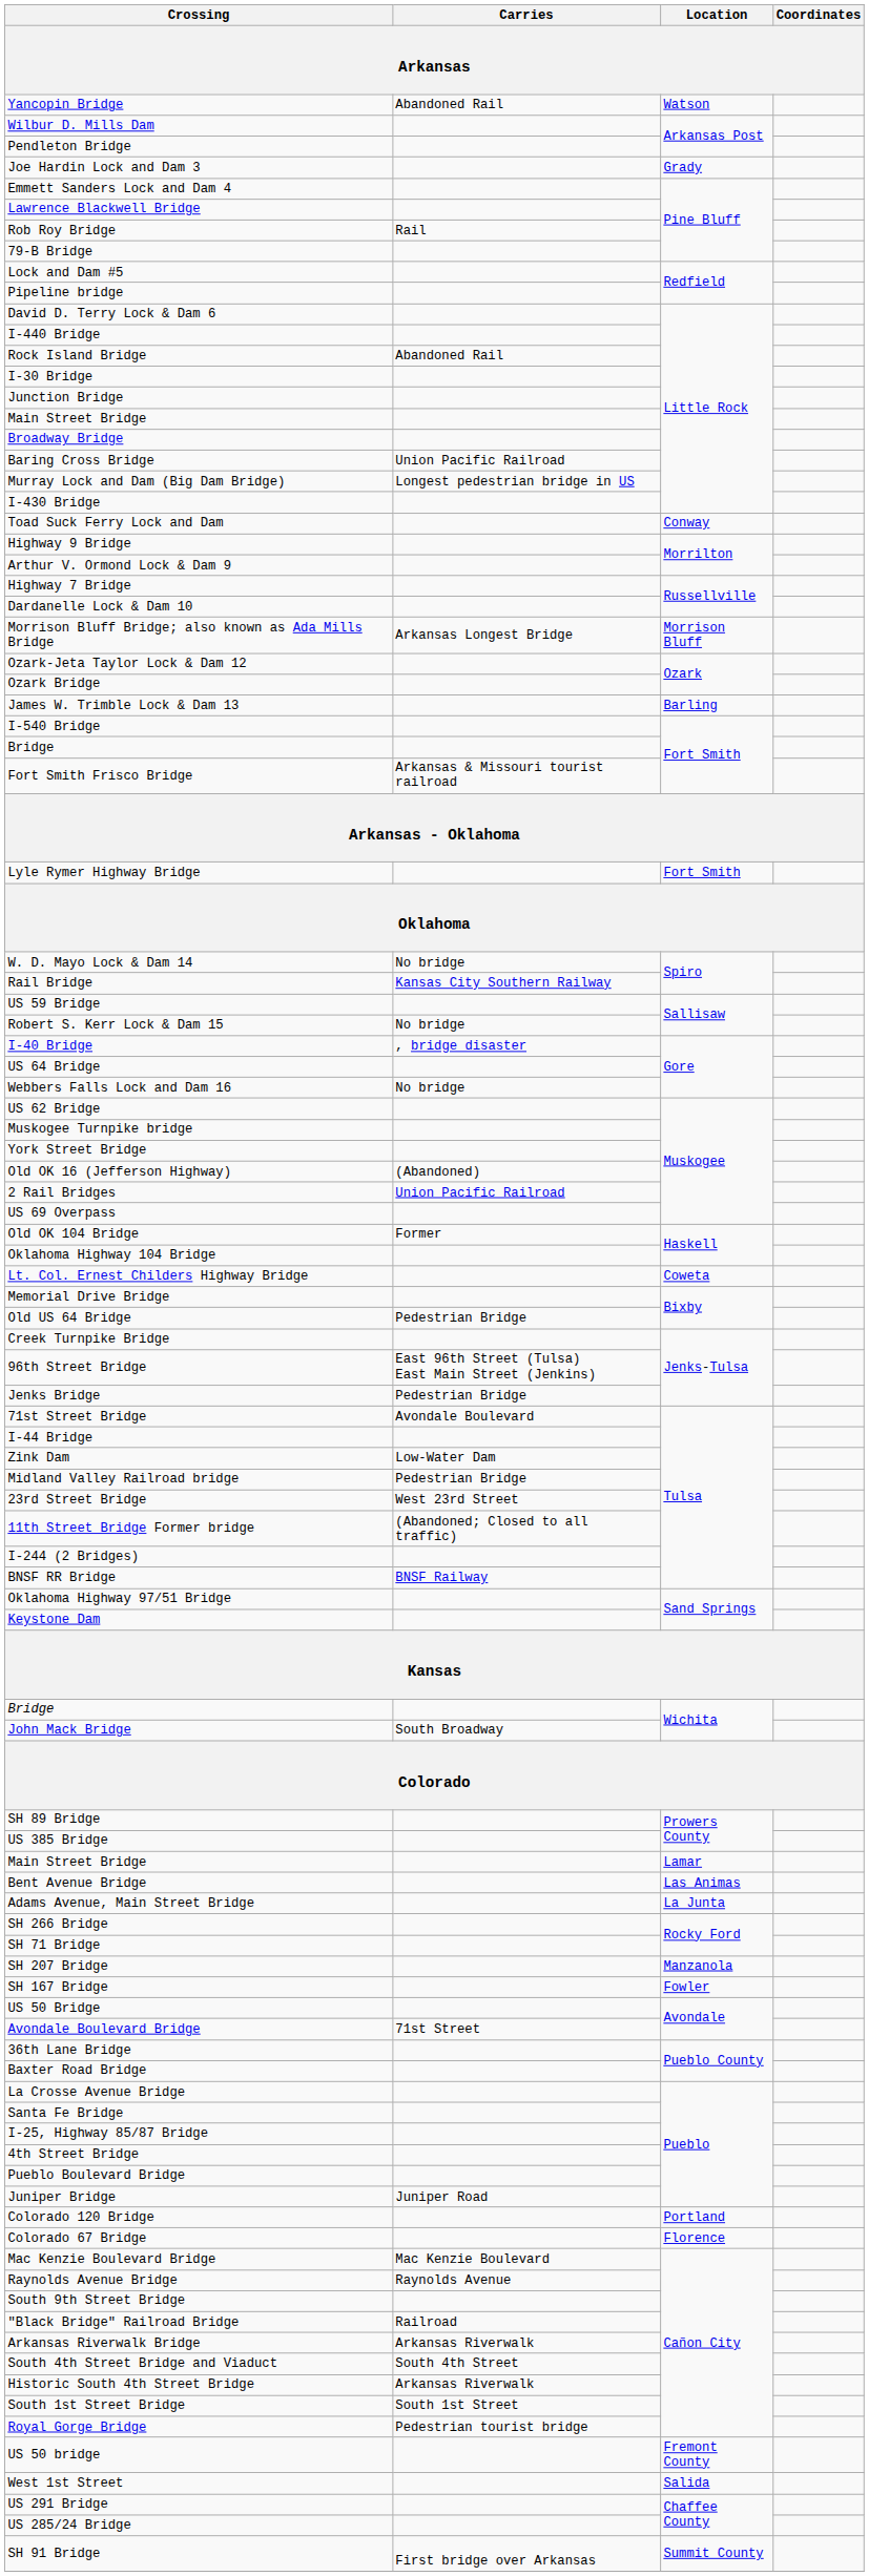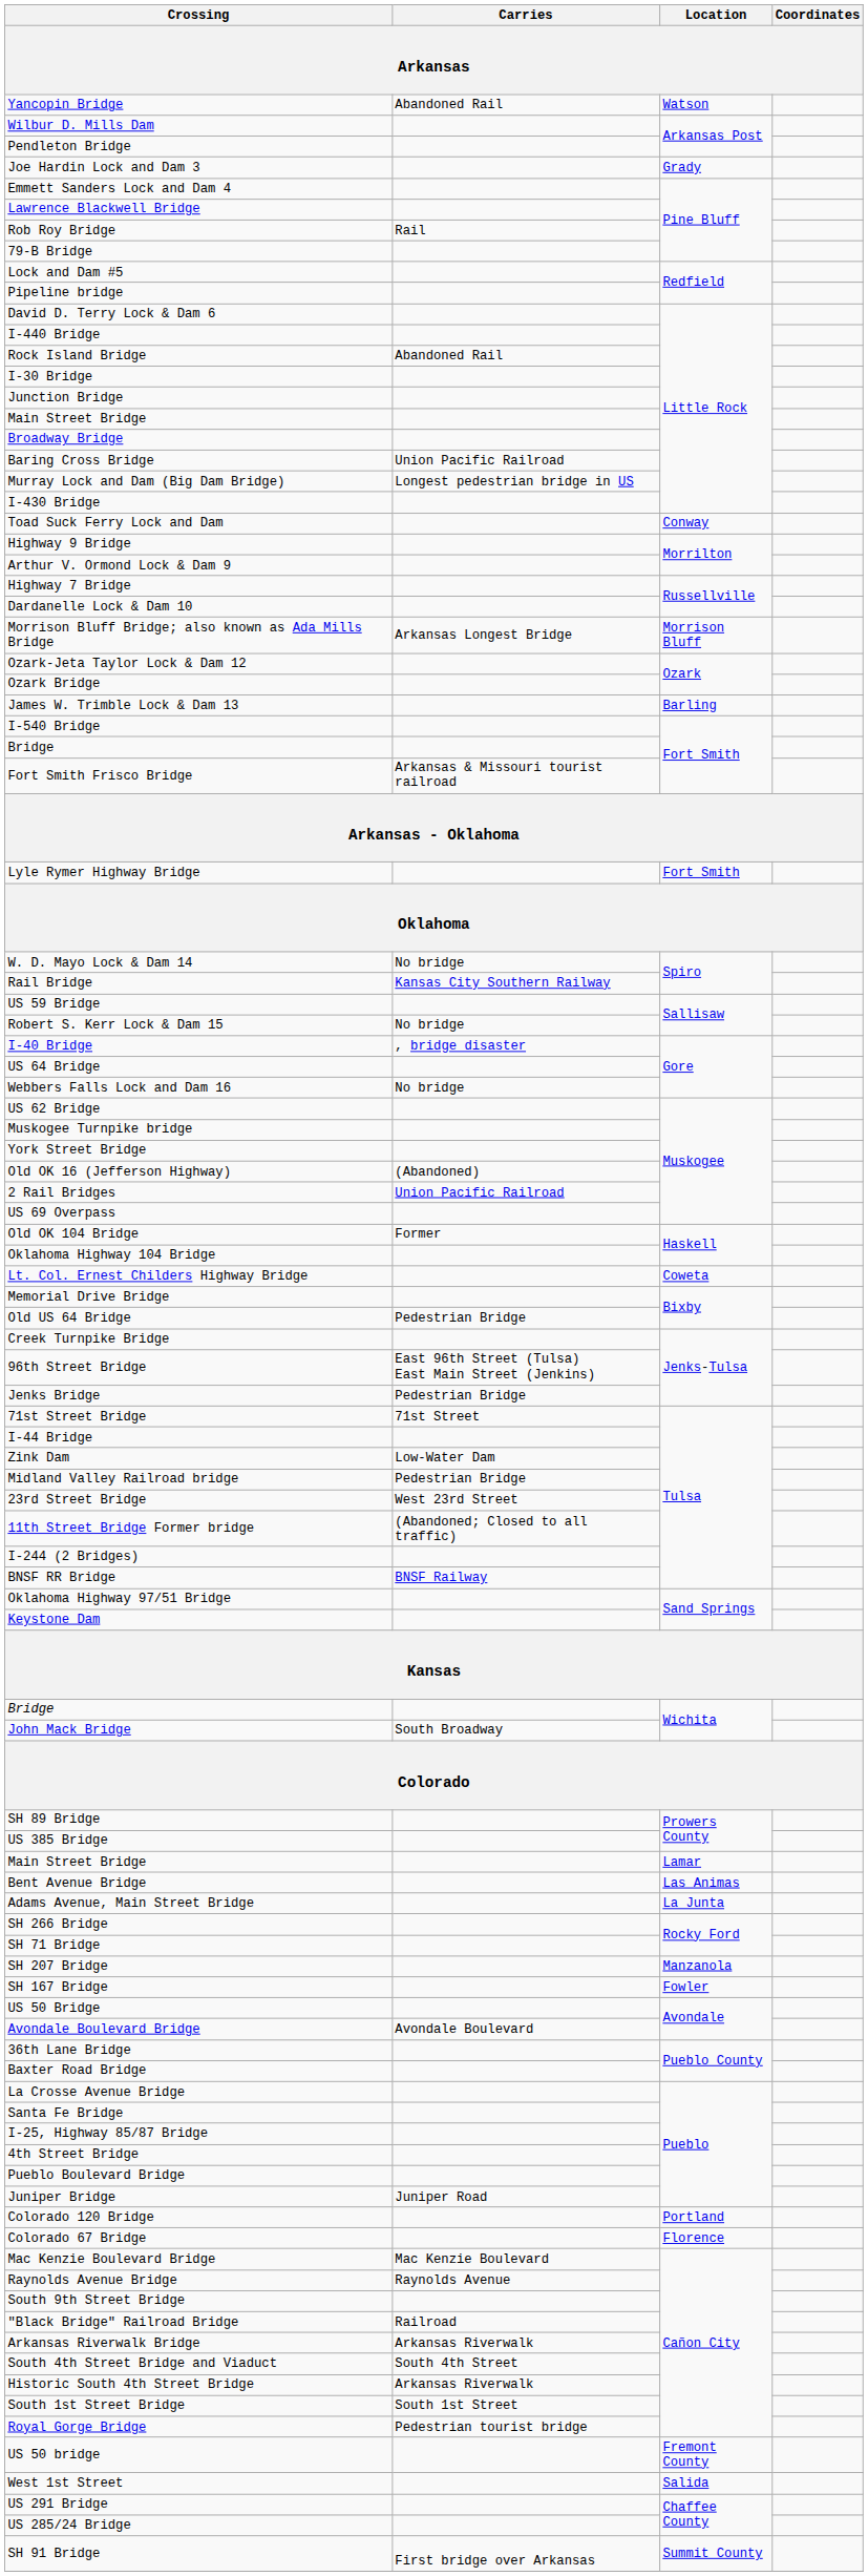 <table class=wikitable>
 <tr>
 <th>Crossing</th>
 <th>Carries</th>
 <th>Location</th>
 <th>Coordinates</th>
 </tr>
 <tr>
 <th colspan=4><br><h3>Arkansas</h3></th>
 </tr>
 <tr>
 <td><a href='#'>Yancopin Bridge</a></td>
 <td>Abandoned Rail</td>
 <td><a href='#'>Watson</a></td>
 <td></td>
 </tr>
 <tr>
 <td><a href='#'>Wilbur D. Mills Dam</a></td>
 <td></td>
 <td rowspan=2><a href='#'>Arkansas Post</a></td>
 <td></td>
 </tr>
 <tr>
 <td>Pendleton Bridge</td>
 <td></td>
 <td></td>
 </tr>
 <tr>
 <td>Joe Hardin Lock and Dam 3</td>
 <td></td>
 <td><a href='#'>Grady</a></td>
 <td></td>
 </tr>
 <tr>
 <td>Emmett Sanders Lock and Dam 4</td>
 <td></td>
 <td rowspan=4><a href='#'>Pine Bluff</a></td>
 <td></td>
 </tr>
 <tr>
 <td><a href='#'>Lawrence Blackwell Bridge</a></td>
 <td></td>
 <td></td>
 </tr>
 <tr>
 <td>Rob Roy Bridge</td>
 <td>Rail</td>
 <td></td>
 </tr>
 <tr>
 <td>79-B Bridge</td>
 <td></td>
 <td></td>
 </tr>
 <tr>
 <td>Lock and Dam #5</td>
 <td></td>
 <td rowspan=2><a href='#'>Redfield</a></td>
 <td></td>
 </tr>
 <tr>
 <td>Pipeline bridge</td>
 <td></td>
 <td></td>
 </tr>
 <tr>
 <td>David D. Terry Lock & Dam 6</td>
 <td></td>
 <td rowspan=10><a href='#'>Little Rock</a></td>
 <td></td>
 </tr>
 <tr>
 <td>I-440 Bridge</td>
 <td></td>
 <td></td>
 </tr>
 <tr>
 <td>Rock Island Bridge</td>
 <td>Abandoned Rail</td>
 <td></td>
 </tr>
 <tr>
 <td>I-30 Bridge</td>
 <td></td>
 <td></td>
 </tr>
 <tr>
 <td>Junction Bridge</td>
 <td></td>
 <td></td>
 </tr>
 <tr>
 <td>Main Street Bridge</td>
 <td></td>
 <td></td>
 </tr>
 <tr>
 <td><a href='#'>Broadway Bridge</a></td>
 <td></td>
 <td></td>
 </tr>
 <tr>
 <td>Baring Cross Bridge</td>
 <td>Union Pacific Railroad</td>
 <td></td>
 </tr>
 <tr>
 <td>Murray Lock and Dam (Big Dam Bridge)</td>
 <td>Longest pedestrian bridge in <a href='#'>US</a></td>
 <td></td>
 </tr>
 <tr>
 <td>I-430 Bridge</td>
 <td></td>
 <td></td>
 </tr>
 <tr>
 <td>Toad Suck Ferry Lock and Dam</td>
 <td></td>
 <td><a href='#'>Conway</a></td>
 <td></td>
 </tr>
 <tr>
 <td>Highway 9 Bridge</td>
 <td></td>
 <td rowspan=2><a href='#'>Morrilton</a></td>
 <td></td>
 </tr>
 <tr>
 <td>Arthur V. Ormond Lock & Dam 9</td>
 <td></td>
 <td></td>
 </tr>
 <tr>
 <td>Highway 7 Bridge</td>
 <td></td>
 <td rowspan=2><a href='#'>Russellville</a></td>
 <td></td>
 </tr>
 <tr>
 <td>Dardanelle Lock & Dam 10</td>
 <td></td>
 <td></td>
 </tr>
 <tr>
 <td>Morrison Bluff Bridge; also known as <a href='#'>Ada Mills</a> Bridge</td>
 <td> Arkansas Longest Bridge</td>
 <td><a href='#'>Morrison Bluff</a></td>
 <td></td>
 </tr>
 <tr>
 <td>Ozark-Jeta Taylor Lock & Dam 12</td>
 <td></td>
 <td rowspan=2><a href='#'>Ozark</a></td>
 <td></td>
 </tr>
 <tr>
 <td>Ozark Bridge</td>
 <td></td>
 <td></td>
 </tr>
 <tr>
 <td>James W. Trimble Lock & Dam 13</td>
 <td></td>
 <td><a href='#'>Barling</a></td>
 <td></td>
 </tr>
 <tr>
 <td>I-540 Bridge</td>
 <td></td>
 <td rowspan=3><a href='#'>Fort Smith</a></td>
 <td></td>
 </tr>
 <tr>
 <td>Bridge</td>
 <td></td>
 <td></td>
 </tr>
 <tr>
 <td>Fort Smith Frisco Bridge</td>
 <td>Arkansas & Missouri tourist railroad</td>
 <td></td>
 </tr>
 <tr>
 <th colspan=4><br><h3>Arkansas - Oklahoma</h3></th>
 </tr>
 <tr>
 <td>Lyle Rymer Highway Bridge</td>
 <td></td>
 <td><a href='#'>Fort Smith</a></td>
 <td></td>
 </tr>
 <tr>
 <th colspan=4><br><h3>Oklahoma</h3></th>
 </tr>
 <tr>
 <td>W. D. Mayo Lock & Dam 14</td>
 <td>No bridge</td>
 <td rowspan=2><a href='#'>Spiro</a></td>
 <td></td>
 </tr>
 <tr>
 <td>Rail Bridge</td>
 <td><a href='#'>Kansas City Southern Railway</a></td>
 <td></td>
 </tr>
 <tr>
 <td>US 59 Bridge</td>
 <td></td>
 <td rowspan=2><a href='#'>Sallisaw</a></td>
 <td></td>
 </tr>
 <tr>
 <td>Robert S. Kerr Lock & Dam 15</td>
 <td>No bridge</td>
 <td></td>
 </tr>
 <tr>
 <td><a href='#'>I-40 Bridge</a></td>
 <td>, <a href='#'>bridge disaster</a></td>
 <td rowspan=3><a href='#'>Gore</a></td>
 <td></td>
 </tr>
 <tr>
 <td>US 64 Bridge</td>
 <td></td>
 <td></td>
 </tr>
 <tr>
 <td>Webbers Falls Lock and Dam 16</td>
 <td>No bridge</td>
 <td></td>
 </tr>
 <tr>
 <td>US 62 Bridge</td>
 <td></td>
 <td rowspan=6><a href='#'>Muskogee</a></td>
 <td></td>
 </tr>
 <tr>
 <td>Muskogee Turnpike bridge</td>
 <td></td>
 <td></td>
 </tr>
 <tr>
 <td>York Street Bridge</td>
 <td></td>
 <td></td>
 </tr>
 <tr>
 <td>Old OK 16 (Jefferson Highway)</td>
 <td>(Abandoned)</td>
 <td></td>
 </tr>
 <tr>
 <td>2 Rail Bridges</td>
 <td><a href='#'>Union Pacific Railroad</a></td>
 <td></td>
 </tr>
 <tr>
 <td>US 69 Overpass</td>
 <td></td>
 <td></td>
 </tr>
 <tr>
 <td>Old OK 104 Bridge</td>
 <td>Former </td>
 <td rowspan=2><a href='#'>Haskell</a></td>
 <td></td>
 </tr>
 <tr>
 <td>Oklahoma Highway 104 Bridge</td>
 <td></td>
 <td></td>
 </tr>
 <tr>
 <td><a href='#'>Lt. Col. Ernest Childers</a> Highway Bridge</td>
 <td></td>
 <td><a href='#'>Coweta</a></td>
 <td></td>
 </tr>
 <tr>
 <td>Memorial Drive Bridge</td>
 <td></td>
 <td rowspan=2><a href='#'>Bixby</a></td>
 <td></td>
 </tr>
 <tr>
 <td>Old US 64 Bridge</td>
 <td>Pedestrian Bridge</td>
 <td></td>
 </tr>
 <tr>
 <td>Creek Turnpike Bridge</td>
 <td></td>
 <td rowspan=3><a href='#'>Jenks</a>-<a href='#'>Tulsa</a></td>
 <td></td>
 </tr>
 <tr>
 <td>96th Street Bridge</td>
 <td>East 96th Street (Tulsa)<br>East Main Street (Jenkins)</td>
 <td></td>
 </tr>
 <tr>
 <td>Jenks Bridge</td>
 <td>Pedestrian Bridge</td>
 <td></td>
 </tr>
 <tr>
 <td>71st Street Bridge</td>
-<td>Avondale Boulevard</td>
+<td>71st Street</td>
 <td rowspan=8><a href='#'>Tulsa</a></td>
 <td></td>
 </tr>
 <tr>
 <td>I-44 Bridge</td>
 <td></td>
 <td></td>
 </tr>
 <tr>
 <td>Zink Dam</td>
 <td>Low-Water Dam</td>
 <td></td>
 </tr>
 <tr>
 <td>Midland Valley Railroad bridge</td>
 <td>Pedestrian Bridge</td>
 <td></td>
 </tr>
 <tr>
 <td>23rd Street Bridge</td>
 <td>West 23rd Street</td>
 <td></td>
 </tr>
 <tr>
 <td><a href='#'>11th Street Bridge</a>  Former  bridge</td>
 <td>(Abandoned; Closed to all traffic)</td>
 <td></td>
 </tr>
 <tr>
 <td>I-244 (2 Bridges)</td>
 <td></td>
 <td></td>
 </tr>
 <tr>
 <td>BNSF RR Bridge</td>
 <td><a href='#'>BNSF Railway</a></td>
 <td></td>
 </tr>
 <tr>
 <td>Oklahoma Highway 97/51 Bridge</td>
 <td></td>
 <td rowspan=2><a href='#'>Sand Springs</a></td>
 <td></td>
 </tr>
 <tr>
 <td><a href='#'>Keystone Dam</a></td>
 <td></td>
 <td></td>
 </tr>
 <tr>
 <th colspan=4><br><h3>Kansas</h3></th>
 </tr>
 <tr>
 <td><em>Bridge</em></td>
 <td></td>
 <td rowspan=2><a href='#'>Wichita</a></td>
 <td></td>
 </tr>
 <tr>
 <td><a href='#'>John Mack Bridge</a></td>
 <td>South Broadway</td>
 <td></td>
 </tr>
 <tr>
 <th colspan=4><br><h3>Colorado</h3></th>
 </tr>
 <tr>
 <td>SH 89 Bridge</td>
 <td></td>
 <td rowspan=2><a href='#'>Prowers County</a></td>
 <td></td>
 </tr>
 <tr>
 <td>US 385 Bridge</td>
 <td></td>
 <td></td>
 </tr>
 <tr>
 <td>Main Street Bridge</td>
 <td></td>
 <td><a href='#'>Lamar</a></td>
 <td></td>
 </tr>
 <tr>
 <td>Bent Avenue Bridge</td>
 <td></td>
 <td><a href='#'>Las Animas</a></td>
 <td></td>
 </tr>
 <tr>
 <td>Adams Avenue, Main Street Bridge</td>
 <td></td>
 <td><a href='#'>La Junta</a></td>
 <td></td>
 </tr>
 <tr>
 <td>SH 266 Bridge</td>
 <td></td>
 <td rowspan=2><a href='#'>Rocky Ford</a></td>
 <td></td>
 </tr>
 <tr>
 <td>SH 71 Bridge</td>
 <td></td>
 <td></td>
 </tr>
 <tr>
 <td>SH 207 Bridge</td>
 <td></td>
 <td><a href='#'>Manzanola</a></td>
 <td></td>
 </tr>
 <tr>
 <td>SH 167 Bridge</td>
 <td></td>
 <td><a href='#'>Fowler</a></td>
 <td></td>
 </tr>
 <tr>
 <td>US 50 Bridge</td>
 <td></td>
 <td rowspan=2><a href='#'>Avondale</a></td>
 <td></td>
 </tr>
 <tr>
 <td><a href='#'>Avondale Boulevard Bridge</a></td>
-<td>71st Street</td>
+<td>Avondale Boulevard</td>
 <td></td>
 </tr>
 <tr>
 <td>36th Lane Bridge</td>
 <td></td>
 <td rowspan=2><a href='#'>Pueblo County</a></td>
 <td></td>
 </tr>
 <tr>
 <td>Baxter Road Bridge</td>
 <td></td>
 <td></td>
 </tr>
 <tr>
 <td>La Crosse Avenue Bridge</td>
 <td></td>
 <td rowspan=6><a href='#'>Pueblo</a></td>
 <td></td>
 </tr>
 <tr>
 <td>Santa Fe Bridge</td>
 <td></td>
 <td></td>
 </tr>
 <tr>
 <td>I-25, Highway 85/87 Bridge</td>
 <td></td>
 <td></td>
 </tr>
 <tr>
 <td>4th Street Bridge</td>
 <td></td>
 <td></td>
 </tr>
 <tr>
 <td>Pueblo Boulevard Bridge</td>
 <td></td>
 <td></td>
 </tr>
 <tr>
 <td>Juniper Bridge</td>
 <td>Juniper Road</td>
 <td></td>
 </tr>
 <tr>
 <td>Colorado 120 Bridge</td>
 <td></td>
 <td><a href='#'>Portland</a></td>
 <td></td>
 </tr>
 <tr>
 <td>Colorado 67 Bridge</td>
 <td></td>
 <td><a href='#'>Florence</a></td>
 <td></td>
 </tr>
 <tr>
 <td>Mac Kenzie Boulevard Bridge</td>
 <td>Mac Kenzie Boulevard</td>
 <td rowspan=9><a href='#'>Cañon City</a></td>
 <td></td>
 </tr>
 <tr>
 <td>Raynolds Avenue Bridge</td>
 <td>Raynolds Avenue</td>
 <td></td>
 </tr>
 <tr>
 <td>South 9th Street Bridge</td>
 <td></td>
 <td></td>
 </tr>
 <tr>
 <td>"Black Bridge" Railroad Bridge</td>
 <td>Railroad</td>
 <td></td>
 </tr>
 <tr>
 <td>Arkansas Riverwalk Bridge</td>
 <td>Arkansas Riverwalk</td>
 <td></td>
 </tr>
 <tr>
 <td>South 4th Street Bridge and Viaduct</td>
 <td>South 4th Street</td>
 <td></td>
 </tr>
 <tr>
 <td>Historic South 4th Street Bridge</td>
 <td>Arkansas Riverwalk</td>
 <td></td>
 </tr>
 <tr>
 <td>South 1st Street Bridge</td>
 <td>South 1st Street</td>
 <td></td>
 </tr>
 <tr>
 <td><a href='#'>Royal Gorge Bridge</a></td>
 <td>Pedestrian tourist bridge</td>
 <td></td>
 </tr>
 <tr>
 <td>US 50 bridge</td>
 <td></td>
 <td><a href='#'>Fremont County</a></td>
 <td></td>
 </tr>
 <tr>
 <td>West 1st Street</td>
 <td></td>
 <td><a href='#'>Salida</a></td>
 <td></td>
 </tr>
 <tr>
 <td>US 291 Bridge</td>
 <td></td>
 <td rowspan=2><a href='#'>Chaffee County</a></td>
 <td></td>
 </tr>
 <tr>
 <td>US 285/24 Bridge</td>
 <td></td>
 <td></td>
 </tr>
 <tr>
 <td>SH 91 Bridge</td>
 <td><br>First bridge over Arkansas</td>
 <td><a href='#'>Summit County</a></td>
 <td></td>
 </tr>
 <tr>
 </tr>
 </table>
